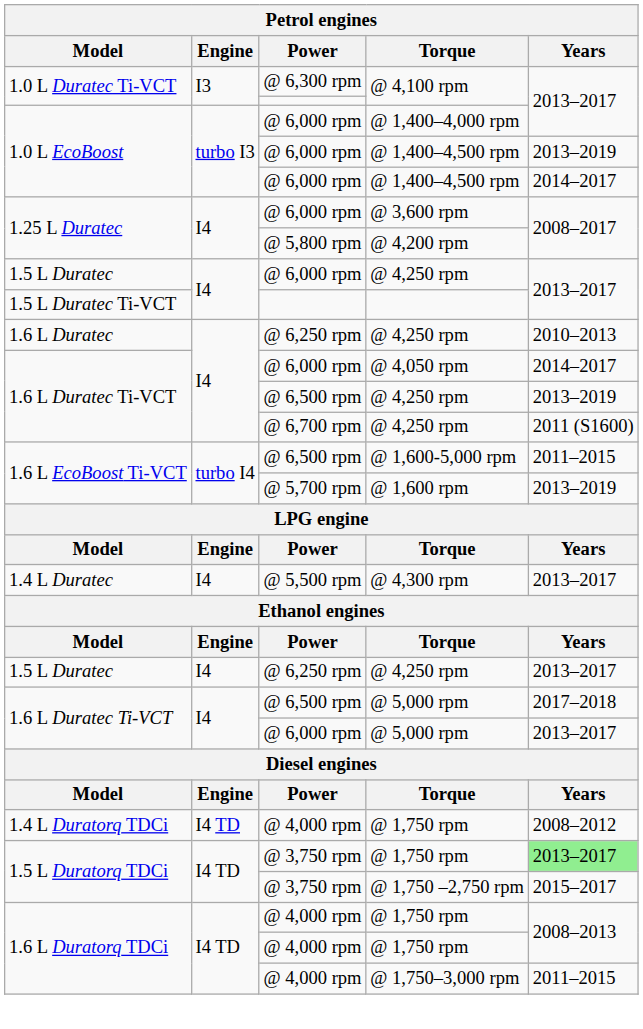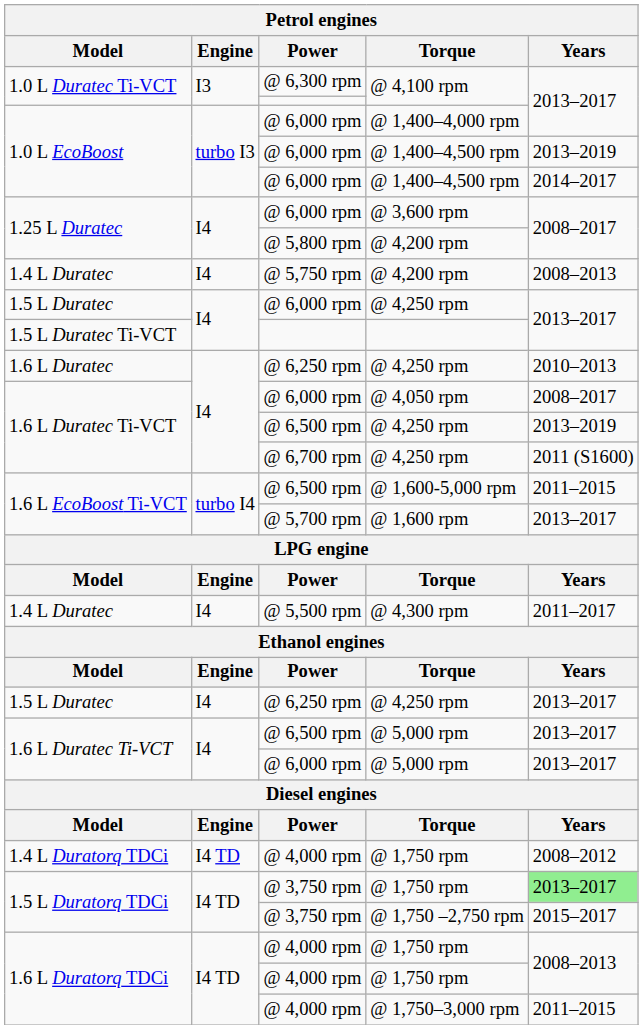 <table class="wikitable" style="text-align:left; font-size:90%;">
 <tr>
 <th colspan="5"style="text-align:center;">Petrol engines</th>
 </tr>
 <tr>
 <th>Model</th>
 <th>Engine</th>
 <th>Power</th>
 <th>Torque</th>
 <th>Years</th>
 </tr>
 <tr>
 <td rowspan="2">1.0 L <a href='#'><em>Duratec</em> Ti-VCT</a></td>
 <td rowspan="2"> I3</td>
 <td> @ 6,300 rpm</td>
 <td rowspan="2"> @ 4,100 rpm</td>
 <td rowspan="3">2013–2017</td>
 </tr>
 <tr>
 <td></td>
 </tr>
 <tr>
 <td rowspan="3">1.0 L <a href='#'><em>EcoBoost</em></a></td>
 <td rowspan="3"> <a href='#'>turbo</a> I3</td>
 <td> @ 6,000 rpm</td>
 <td> @ 1,400–4,000 rpm</td>
 </tr>
 <tr>
 <td> @ 6,000 rpm</td>
 <td>@ 1,400–4,500 rpm</td>
 <td>2013–2019</td>
 </tr>
 <tr>
 <td> @ 6,000 rpm</td>
 <td> @ 1,400–4,500 rpm</td>
 <td>2014–2017</td>
 </tr>
 <tr>
 <td rowspan="2">1.25 L <a href='#'><em>Duratec</em></a></td>
 <td rowspan="2"> I4</td>
 <td> @ 6,000 rpm</td>
 <td> @ 3,600 rpm</td>
 <td rowspan="2">2008–2017</td>
 </tr>
 <tr>
 <td> @ 5,800 rpm</td>
 <td> @ 4,200 rpm</td>
 </tr>
 <tr>
+<td>1.4 L <em>Duratec</em></td>
+<td> I4</td>
+<td> @ 5,750 rpm</td>
+<td> @ 4,200 rpm</td>
+<td>2008–2013</td>
+</tr>
+<tr>
 <td>1.5 L <em>Duratec</em></td>
 <td rowspan="2"> I4</td>
 <td> @ 6,000 rpm</td>
 <td> @ 4,250 rpm</td>
 <td rowspan="2">2013–2017</td>
 </tr>
 <tr>
 <td>1.5 L <em>Duratec</em> Ti-VCT</td>
 <td></td>
 <td></td>
 </tr>
 <tr>
 <td>1.6 L <em>Duratec</em></td>
 <td rowspan="4"> I4</td>
 <td> @ 6,250 rpm</td>
 <td> @ 4,250 rpm</td>
 <td>2010–2013</td>
 </tr>
 <tr>
 <td rowspan="3">1.6 L <em>Duratec</em> Ti-VCT</td>
 <td> @ 6,000 rpm</td>
 <td> @ 4,050 rpm</td>
-<td>2014–2017</td>
+<td>2008–2017</td>
 </tr>
 <tr>
 <td> @ 6,500 rpm</td>
 <td> @ 4,250 rpm</td>
 <td>2013–2019</td>
 </tr>
 <tr>
 <td> @ 6,700 rpm</td>
 <td> @ 4,250 rpm</td>
 <td>2011 (S1600)</td>
 </tr>
 <tr>
 <td rowspan="2">1.6 L <a href='#'><em>EcoBoost</em> Ti-VCT</a></td>
 <td rowspan="2"> <a href='#'>turbo</a> I4</td>
 <td> @ 6,500 rpm</td>
 <td> @ 1,600-5,000 rpm</td>
 <td>2011–2015</td>
 </tr>
 <tr>
 <td> @ 5,700 rpm</td>
 <td> @ 1,600 rpm</td>
-<td>2013–2019</td>
+<td>2013–2017</td>
 </tr>
 <tr>
 <th colspan="5" style="text-align:center">LPG engine</th>
 </tr>
 <tr>
 <th>Model</th>
 <th>Engine</th>
 <th>Power</th>
 <th>Torque</th>
 <th>Years</th>
 </tr>
 <tr>
 <td>1.4 L <em>Duratec</em></td>
 <td> I4</td>
 <td> @ 5,500 rpm</td>
 <td> @ 4,300 rpm</td>
-<td>2013–2017</td>
+<td>2011–2017</td>
 </tr>
 <tr>
 <th colspan="5" style="text-align:center">Ethanol engines</th>
 </tr>
 <tr>
 <th>Model</th>
 <th>Engine</th>
 <th>Power</th>
 <th>Torque</th>
 <th>Years</th>
 </tr>
 <tr>
 <td>1.5 L <em>Duratec</em></td>
 <td> I4</td>
 <td> @ 6,250 rpm</td>
 <td> @ 4,250 rpm</td>
 <td>2013–2017</td>
 </tr>
 <tr>
 <td rowspan="2">1.6 L <em>Duratec Ti-VCT</em></td>
 <td rowspan="2"> I4</td>
 <td> @ 6,500 rpm</td>
 <td> @ 5,000 rpm</td>
-<td>2017–2018</td>
+<td>2013–2017</td>
 </tr>
 <tr>
 <td> @ 6,000 rpm</td>
 <td> @ 5,000 rpm</td>
 <td>2013–2017</td>
 </tr>
 <tr>
 <th colspan="5" style="text-align:center">Diesel engines</th>
 </tr>
 <tr>
 <th>Model</th>
 <th>Engine</th>
 <th>Power</th>
 <th>Torque</th>
 <th>Years</th>
 </tr>
 <tr>
 <td>1.4 L <a href='#'><em>Duratorq</em> TDCi</a></td>
 <td> I4 <a href='#'>TD</a></td>
 <td> @ 4,000 rpm</td>
 <td> @ 1,750 rpm</td>
 <td>2008–2012</td>
 </tr>
 <tr>
 <td rowspan="2">1.5 L <a href='#'><em>Duratorq</em> TDCi</a></td>
 <td rowspan="2"> I4 TD</td>
 <td> @ 3,750 rpm</td>
 <td> @ 1,750 rpm</td>
 <td style="background: lightgreen;">2013–2017</td>
 </tr>
 <tr>
 <td> @ 3,750 rpm</td>
 <td> @ 1,750 –2,750 rpm</td>
 <td>2015–2017</td>
 </tr>
 <tr>
 <td rowspan="3">1.6 L <a href='#'><em>Duratorq</em> TDCi</a></td>
 <td rowspan="3"> I4 TD</td>
 <td> @ 4,000 rpm</td>
 <td> @ 1,750 rpm</td>
 <td rowspan="2">2008–2013</td>
 </tr>
 <tr>
 <td> @ 4,000 rpm</td>
 <td> @ 1,750 rpm</td>
 </tr>
 <tr>
 <td> @ 4,000 rpm</td>
 <td> @ 1,750–3,000 rpm</td>
 <td>2011–2015</td>
 </tr>
 </table>
